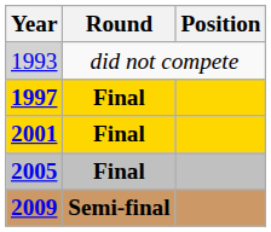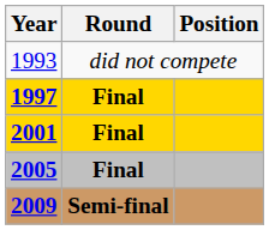 <table class="wikitable" style="text-align: center;">
 <tr>
 <th>Year</th>
 <th>Round</th>
 <th>Position</th>
 </tr>
 <tr>
-<td style="background: lightgrey;"> <a href='#'>1993</a></td>
+<td> <a href='#'>1993</a></td>
 <td colspan="2"><em>did not compete</em></td>
 </tr>
 <tr style="background:gold;">
 <td> <strong><a href='#'>1997</a></strong></td>
 <td><strong>Final</strong></td>
 <td></td>
 </tr>
 <tr style="background:gold;">
 <td> <strong><a href='#'>2001</a></strong></td>
 <td><strong>Final</strong></td>
 <td></td>
 </tr>
 <tr style="background:silver;">
 <td> <strong><a href='#'>2005</a></strong></td>
 <td><strong>Final</strong></td>
 <td></td>
 </tr>
 <tr style="background:#c96;">
 <td> <strong><a href='#'>2009</a></strong></td>
 <td><strong>Semi-final</strong></td>
 <td></td>
 </tr>
 </table>
